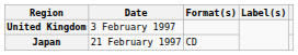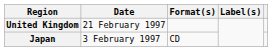 <table class="wikitable plainrowheaders">
 <tr>
 <th scope="col">Region</th>
 <th scope="col">Date</th>
 <th scope="col">Format(s)</th>
 <th scope="col">Label(s)</th>
 <th scope="col"></th>
 </tr>
 <tr>
 <th scope="row">United Kingdom</th>
-<td>3 February 1997</td>
+<td>21 February 1997</td>
 <td></td>
 <td rowspan="2"></td>
 <td></td>
 </tr>
 <tr>
 <th scope="row">Japan</th>
-<td>21 February 1997</td>
+<td>3 February 1997</td>
 <td>CD</td>
 <td></td>
 </tr>
 </table>
